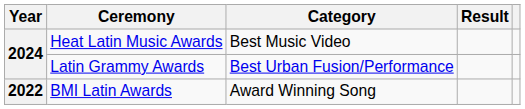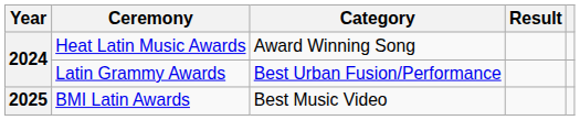 <table class="wikitable plainrowheaders">
 <tr>
 <th scope="col">Year</th>
 <th scope="col">Ceremony</th>
 <th scope="col">Category</th>
 <th scope="col">Result</th>
 <th></th>
 </tr>
 <tr>
 <th rowspan="2" scope="row">2024</th>
 <td><a href='#'>Heat Latin Music Awards</a></td>
-<td>Best Music Video</td>
+<td>Award Winning Song</td>
 <td></td>
 <td style="text-align:center;"></td>
 </tr>
 <tr>
 <td><a href='#'>Latin Grammy Awards</a></td>
 <td><a href='#'>Best Urban Fusion/Performance</a></td>
 <td></td>
 <td rowspan="1" style="text-align:center;"></td>
 </tr>
 <tr>
-<th rowspan="1" scope="row">2022</th>
+<th rowspan="1" scope="row">2025</th>
 <td><a href='#'>BMI Latin Awards</a></td>
-<td>Award Winning Song</td>
+<td>Best Music Video</td>
 <td></td>
 <td style="text-align:center;"></td>
 </tr>
 </table>
